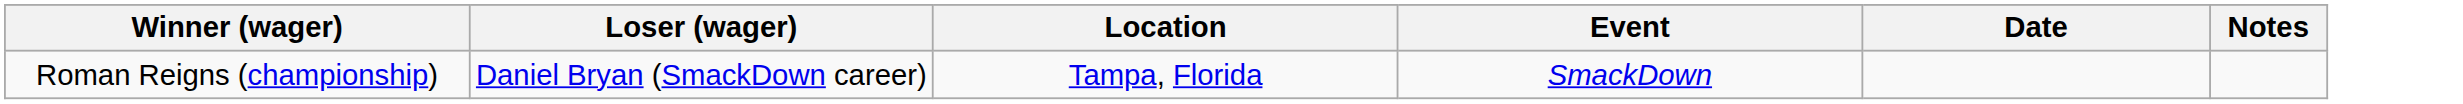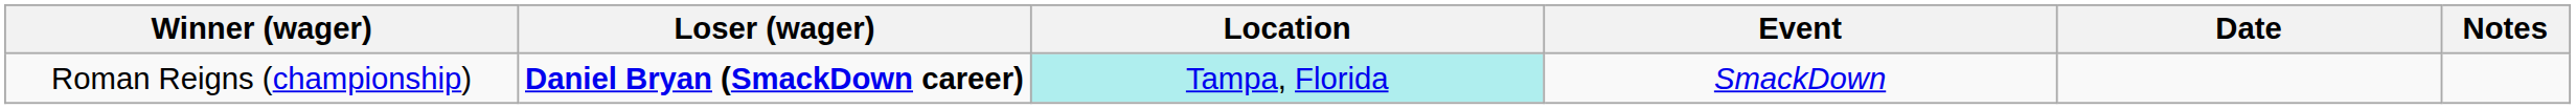 <table class="wikitable" style="text-align: center">
 <tr>
 <th width=20% scope="col">Winner (wager)</th>
 <th width=20% scope="col">Loser (wager)</th>
 <th width=20% scope="col">Location</th>
 <th width=20% scope="col">Event</th>
 <th width=15% scope="col">Date</th>
 <th class="unsortable" width=5% scope="col">Notes</th>
 </tr>
 <tr>
 <td>Roman Reigns (<a href='#'>championship</a>)</td>
-<td><a href='#'>Daniel Bryan</a> (<a href='#'>SmackDown</a> career)</td>
-<td><a href='#'>Tampa</a>, <a href='#'>Florida</a></td>
+<td><strong><a href='#'>Daniel Bryan</a> (<a href='#'>SmackDown</a> career)</strong></td>
+<td style="background: paleturquoise;"><a href='#'>Tampa</a>, <a href='#'>Florida</a></td>
 <td><em><a href='#'>SmackDown</a></em></td>
 <td></td>
 <td></td>
 </tr>
 </table>
